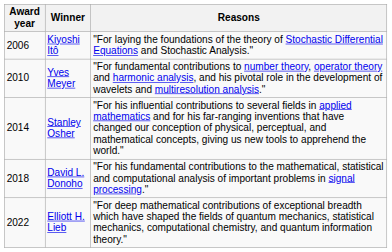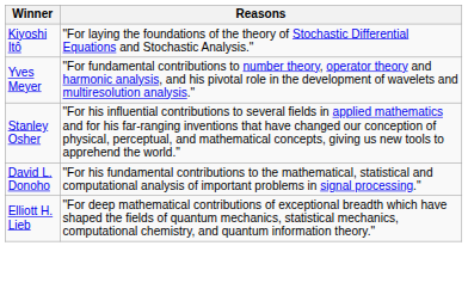 <table class="wikitable">
 <tr>
-<th scope="col">Award year</th>
 <th style="width:12%;" scope="col">Winner</th>
 <th scope="col">Reasons</th>
 </tr>
 <tr>
-<td>2006</td>
 <td><a href='#'>Kiyoshi Itô</a></td>
 <td>"For laying the foundations of the theory of <a href='#'>Stochastic Differential Equations</a> and Stochastic Analysis."</td>
 </tr>
 <tr>
-<td>2010</td>
 <td><a href='#'>Yves Meyer</a></td>
 <td>"For fundamental contributions to <a href='#'>number theory</a>, <a href='#'>operator theory</a> and <a href='#'>harmonic analysis</a>, and his pivotal role in the development of wavelets and <a href='#'>multiresolution analysis</a>."</td>
 </tr>
 <tr>
-<td>2014</td>
 <td><a href='#'>Stanley Osher</a></td>
 <td>"For his influential contributions to several fields in <a href='#'>applied mathematics</a> and for his far-ranging inventions that have changed our conception of physical, perceptual, and mathematical concepts, giving us new tools to apprehend the world."</td>
 </tr>
 <tr>
-<td>2018</td>
 <td><a href='#'>David L. Donoho</a></td>
 <td>"For his fundamental contributions to the mathematical, statistical and computational analysis of important problems in <a href='#'>signal processing</a>."</td>
 </tr>
 <tr>
-<td>2022</td>
 <td><a href='#'>Elliott H. Lieb</a></td>
 <td>"For deep mathematical contributions of exceptional breadth which have shaped the fields of quantum mechanics, statistical mechanics, computational chemistry, and quantum information theory."</td>
 </tr>
 </table>
